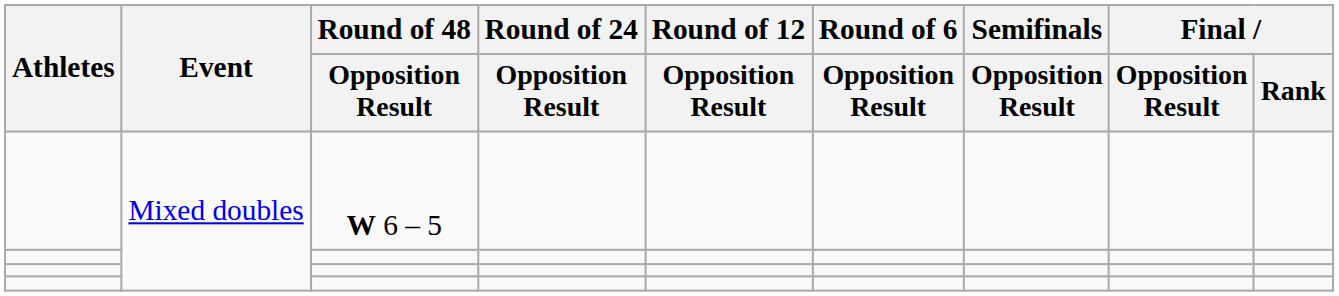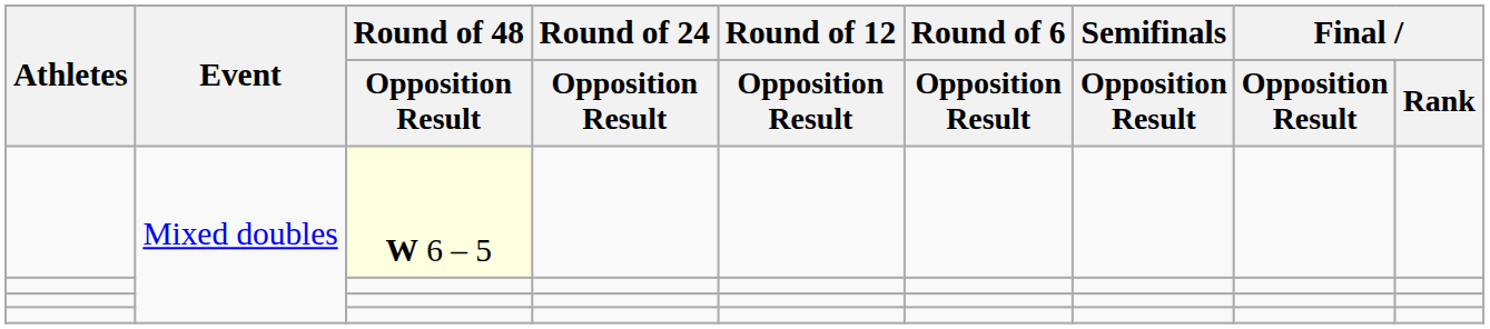 <table class="wikitable" style="font-size:90%; text-align:center;">
 <tr>
 <th rowspan=2>Athletes</th>
 <th rowspan=2>Event</th>
 <th>Round of 48</th>
 <th>Round of 24</th>
 <th>Round of 12</th>
 <th>Round of 6</th>
 <th>Semifinals</th>
 <th colspan=2>Final / </th>
 </tr>
 <tr style="font-size:95%">
 <th>Opposition<br>Result</th>
 <th>Opposition<br>Result</th>
 <th>Opposition<br>Result</th>
 <th>Opposition<br>Result</th>
 <th>Opposition<br>Result</th>
 <th>Opposition<br>Result</th>
 <th>Rank</th>
 </tr>
 <tr>
 <td align=left><br></td>
 <td align=left rowspan=4><a href='#'>Mixed doubles</a></td>
-<td><br><br><strong>W</strong> 6 – 5</td>
+<td style="background: lightyellow;"><br><br><strong>W</strong> 6 – 5</td>
 <td></td>
 <td></td>
 <td></td>
 <td></td>
 <td></td>
 <td></td>
 </tr>
 <tr>
 <td align=left></td>
 <td></td>
 <td></td>
 <td></td>
 <td></td>
 <td></td>
 <td></td>
 <td></td>
 </tr>
 <tr>
 <td align=left></td>
 <td></td>
 <td></td>
 <td></td>
 <td></td>
 <td></td>
 <td></td>
 <td></td>
 </tr>
 <tr>
 <td align=left></td>
 <td></td>
 <td></td>
 <td></td>
 <td></td>
 <td></td>
 <td></td>
 <td></td>
 </tr>
 </table>
